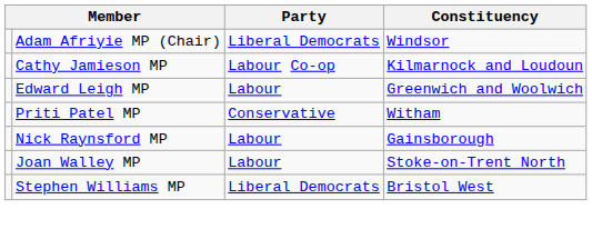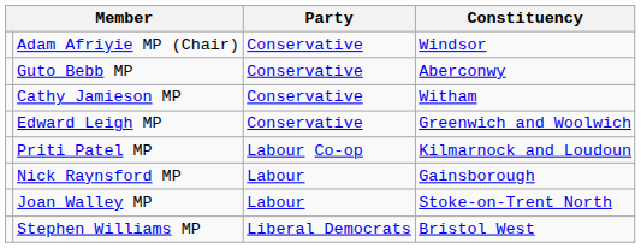 <table class="wikitable">
 <tr>
 <th colspan="2" valign="top">Member</th>
 <th valign="top">Party</th>
 <th valign="top">Constituency</th>
 </tr>
 <tr>
 <td style="color:inherit;background:"></td>
 <td><a href='#'>Adam Afriyie</a> MP (Chair)</td>
-<td><a href='#'>Liberal Democrats</a></td>
+<td><a href='#'>Conservative</a></td>
 <td><a href='#'>Windsor</a></td>
 </tr>
 <tr>
 <td style="color:inherit;background:"></td>
+<td><a href='#'>Guto Bebb</a> MP</td>
+<td><a href='#'>Conservative</a></td>
+<td><a href='#'>Aberconwy</a></td>
+</tr>
+<tr>
+<td style="color:inherit;background:"></td>
 <td><a href='#'>Cathy Jamieson</a> MP</td>
-<td><a href='#'>Labour</a> <a href='#'>Co-op</a></td>
-<td><a href='#'>Kilmarnock and Loudoun</a></td>
+<td><a href='#'>Conservative</a></td>
+<td><a href='#'>Witham</a></td>
 </tr>
 <tr>
 <td style="color:inherit;background:"></td>
 <td><a href='#'>Edward Leigh</a> MP</td>
-<td><a href='#'>Labour</a></td>
+<td><a href='#'>Conservative</a></td>
 <td><a href='#'>Greenwich and Woolwich</a></td>
 </tr>
 <tr>
 <td style="color:inherit;background:"></td>
 <td><a href='#'>Priti Patel</a> MP</td>
-<td><a href='#'>Conservative</a></td>
-<td><a href='#'>Witham</a></td>
+<td><a href='#'>Labour</a> <a href='#'>Co-op</a></td>
+<td><a href='#'>Kilmarnock and Loudoun</a></td>
 </tr>
 <tr>
 <td style="color:inherit;background:"></td>
 <td><a href='#'>Nick Raynsford</a> MP</td>
 <td><a href='#'>Labour</a></td>
 <td><a href='#'>Gainsborough</a></td>
 </tr>
 <tr>
 <td style="color:inherit;background:"></td>
 <td><a href='#'>Joan Walley</a> MP</td>
 <td><a href='#'>Labour</a></td>
 <td><a href='#'>Stoke-on-Trent North</a></td>
 </tr>
 <tr>
 <td style="color:inherit;background:"></td>
 <td><a href='#'>Stephen Williams</a> MP</td>
 <td><a href='#'>Liberal Democrats</a></td>
 <td><a href='#'>Bristol West</a></td>
 </tr>
 </table>
